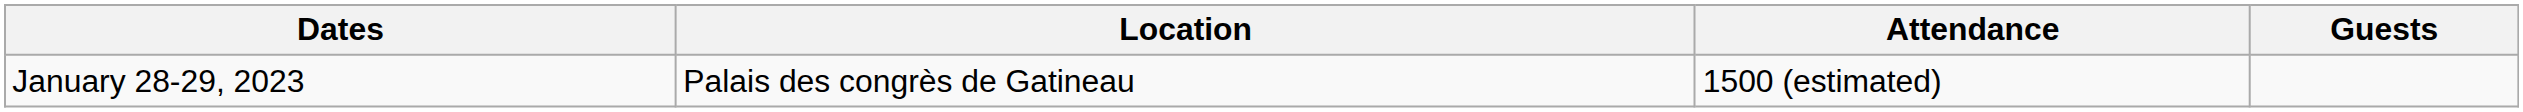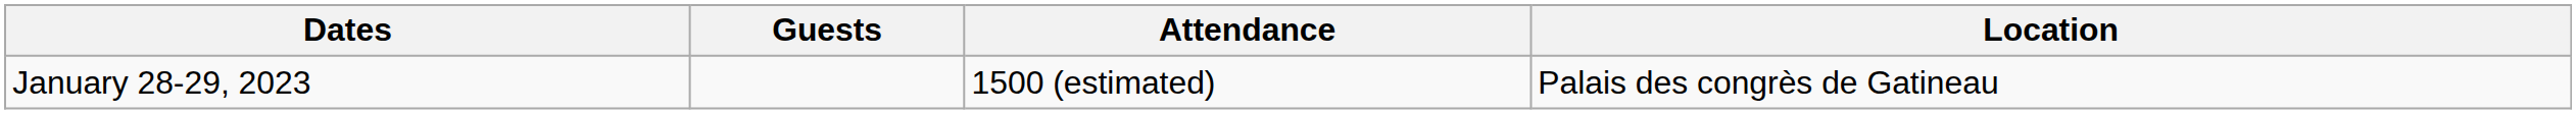 <table class="wikitable" width="100%">
 <tr>
 <th>Dates</th>
+<th>Guests<br> </th>
+<th>Attendance</th>
 <th>Location</th>
-<th>Attendance</th>
-<th>Guests<br> </th>
 </tr>
 <tr>
 <td>January 28-29, 2023</td>
+<td></td>
+<td>1500 (estimated)</td>
 <td>Palais des congrès de Gatineau</td>
-<td>1500 (estimated)</td>
-<td></td>
 </tr>
 </table>
